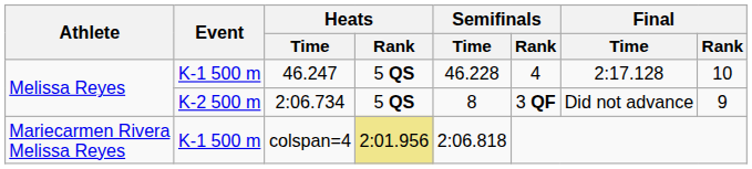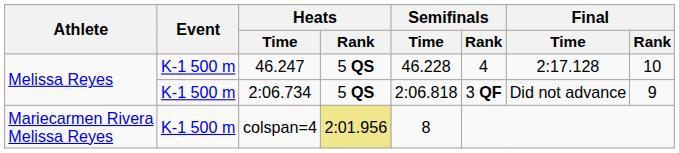 <table class=wikitable style="font-size:90%;">
 <tr>
 <th rowspan="2">Athlete</th>
 <th rowspan="2">Event</th>
 <th colspan=2>Heats</th>
 <th colspan=2>Semifinals</th>
 <th colspan=2>Final</th>
 </tr>
 <tr style="font-size:95%">
 <th>Time</th>
 <th>Rank</th>
 <th>Time</th>
 <th>Rank</th>
 <th>Time</th>
 <th>Rank</th>
 </tr>
 <tr align=center>
 <td align=left rowspan=2><a href='#'>Melissa Reyes</a></td>
 <td align=left><a href='#'>K-1 500 m</a></td>
 <td>46.247</td>
 <td>5 <strong>QS</strong></td>
 <td>46.228</td>
 <td>4</td>
 <td>2:17.128</td>
 <td>10</td>
 </tr>
 <tr align=center>
-<td align=left><a href='#'>K-2 500 m</a></td>
+<td align=left><a href='#'>K-1 500 m</a></td>
 <td>2:06.734</td>
 <td>5 <strong>QS</strong></td>
-<td>8</td>
+<td>2:06.818</td>
 <td>3 <strong>QF</strong></td>
 <td>Did not advance</td>
 <td>9</td>
 </tr>
 <tr align=center>
 <td align=left><a href='#'>Mariecarmen Rivera</a><br><a href='#'>Melissa Reyes</a></td>
 <td align=left><a href='#'>K-1 500 m</a></td>
 <td>colspan=4 </td>
 <td style="background: khaki;">2:01.956</td>
-<td>2:06.818</td>
+<td>8</td>
 </tr>
 </table>
